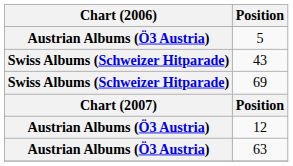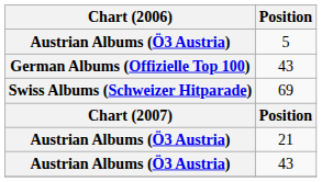 <table class="wikitable sortable plainrowheaders" style="text-align:center;">
 <tr>
 <th scope="col">Chart (2006)</th>
 <th scope="col">Position</th>
 </tr>
 <tr>
 <th scope="row">Austrian Albums (<a href='#'>Ö3 Austria</a>)</th>
 <td style="text-align:center;">5</td>
 </tr>
 <tr>
-<th scope="row">Swiss Albums (<a href='#'>Schweizer Hitparade</a>)</th>
+<th scope="row">German Albums (<a href='#'>Offizielle Top 100</a>)</th>
 <td style="text-align:center;">43</td>
 </tr>
 <tr>
 <th scope="row">Swiss Albums (<a href='#'>Schweizer Hitparade</a>)</th>
 <td style="text-align:center;">69</td>
 </tr>
 <tr>
 <th scope="col">Chart (2007)</th>
 <th scope="col">Position</th>
 </tr>
 <tr>
 <th scope="row">Austrian Albums (<a href='#'>Ö3 Austria</a>)</th>
-<td style="text-align:center;">12</td>
+<td style="text-align:center;">21</td>
 </tr>
 <tr>
 <th scope="row">Austrian Albums (<a href='#'>Ö3 Austria</a>)</th>
-<td style="text-align:center;">63</td>
+<td style="text-align:center;">43</td>
 </tr>
 <tr>
 </tr>
 </table>
